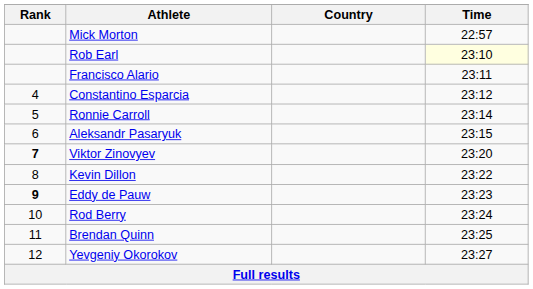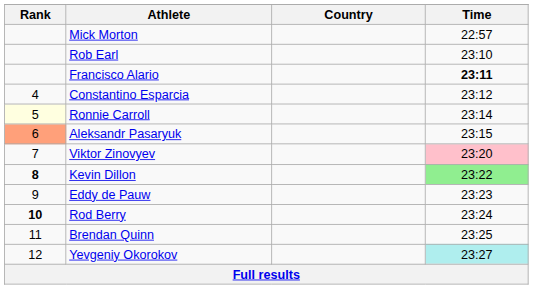 <table class="wikitable sortable" style=" text-align:center; font-size:95%;" width="50%">
 <tr>
 </tr>
 <tr>
 <th width=5%>Rank</th>
 <th width=20%>Athlete</th>
 <th width=15%>Country</th>
 <th width=10%>Time</th>
 </tr>
 <tr>
 <td align=center></td>
 <td align=left><a href='#'>Mick Morton</a></td>
 <td align=left></td>
 <td>22:57</td>
 </tr>
 <tr>
 <td align=center></td>
 <td align=left><a href='#'>Rob Earl</a></td>
 <td align=left></td>
-<td style="background: lightyellow;">23:10</td>
+<td>23:10</td>
 </tr>
 <tr>
 <td align=center></td>
 <td align=left><a href='#'>Francisco Alario</a></td>
 <td align=left></td>
-<td>23:11</td>
+<td><strong>23:11</strong></td>
 </tr>
 <tr>
 <td align=center>4</td>
 <td align=left><a href='#'>Constantino Esparcia</a></td>
 <td align=left></td>
 <td>23:12</td>
 </tr>
 <tr>
-<td align=center>5</td>
+<td align=center style="background: lightyellow;">5</td>
 <td align=left><a href='#'>Ronnie Carroll</a></td>
 <td align=left></td>
 <td>23:14</td>
 </tr>
 <tr>
-<td align=center>6</td>
+<td align=center style="background: lightsalmon;">6</td>
 <td align=left><a href='#'>Aleksandr Pasaryuk</a></td>
 <td align=left></td>
 <td>23:15</td>
 </tr>
 <tr>
-<td align=center><strong>7</strong></td>
+<td align=center>7</td>
 <td align=left><a href='#'>Viktor Zinovyev</a></td>
 <td align=left></td>
-<td>23:20</td>
+<td style="background: pink;">23:20</td>
 </tr>
 <tr>
-<td align=center>8</td>
+<td align=center><strong>8</strong></td>
 <td align=left><a href='#'>Kevin Dillon</a></td>
 <td align=left></td>
-<td>23:22</td>
+<td style="background: lightgreen;">23:22</td>
 </tr>
 <tr>
-<td align=center><strong>9</strong></td>
+<td align=center>9</td>
 <td align=left><a href='#'>Eddy de Pauw</a></td>
 <td align=left></td>
 <td>23:23</td>
 </tr>
 <tr>
-<td align=center>10</td>
+<td align=center><strong>10</strong></td>
 <td align=left><a href='#'>Rod Berry</a></td>
 <td align=left></td>
 <td>23:24</td>
 </tr>
 <tr>
 <td align=center>11</td>
 <td align=left><a href='#'>Brendan Quinn</a></td>
 <td align=left></td>
 <td>23:25</td>
 </tr>
 <tr>
 <td align=center>12</td>
 <td align=left><a href='#'>Yevgeniy Okorokov</a></td>
 <td align=left></td>
-<td>23:27</td>
+<td style="background: paleturquoise;">23:27</td>
 </tr>
 <tr class="sortbottom">
 <th colspan=4 align=center><a href='#'>Full results</a></th>
 </tr>
 </table>
